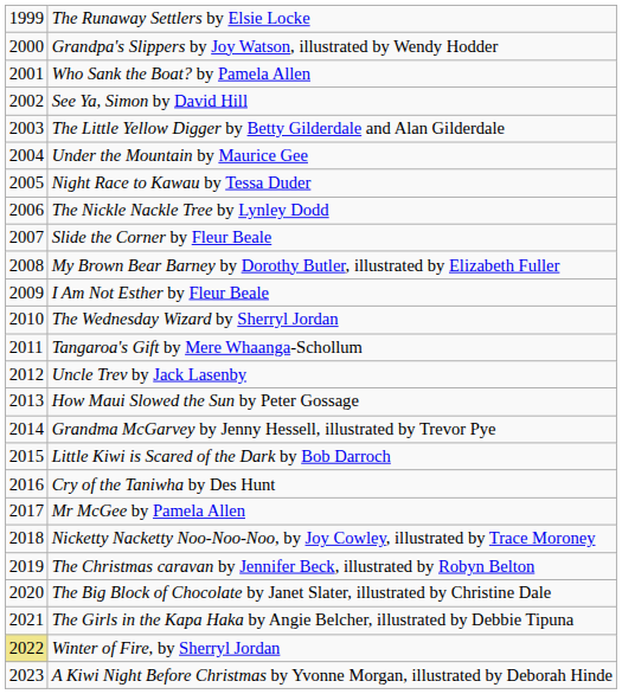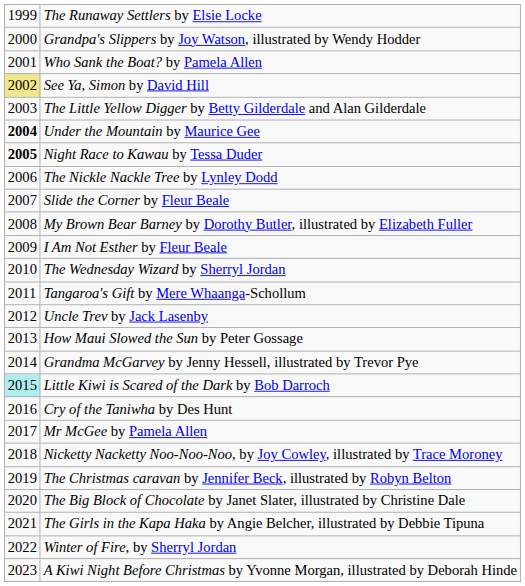 <table class="wikitable">
 <tr>
 <td>1999</td>
 <td><em>The Runaway Settlers</em> by <a href='#'>Elsie Locke</a></td>
 </tr>
 <tr>
 <td>2000</td>
 <td><em>Grandpa's Slippers</em> by <a href='#'>Joy Watson</a>, illustrated by Wendy Hodder</td>
 </tr>
 <tr>
 <td>2001</td>
 <td><em>Who Sank the Boat?</em> by <a href='#'>Pamela Allen</a></td>
 </tr>
 <tr>
-<td>2002</td>
+<td style="background: khaki;">2002</td>
 <td><em>See Ya, Simon</em> by <a href='#'>David Hill</a></td>
 </tr>
 <tr>
 <td>2003</td>
 <td><em>The Little Yellow Digger</em> by <a href='#'>Betty Gilderdale</a> and Alan Gilderdale</td>
 </tr>
 <tr>
-<td>2004</td>
+<td><strong>2004</strong></td>
 <td><em>Under the Mountain</em> by <a href='#'>Maurice Gee</a></td>
 </tr>
 <tr>
-<td>2005</td>
+<td><strong>2005</strong></td>
 <td><em>Night Race to Kawau</em> by <a href='#'>Tessa Duder</a></td>
 </tr>
 <tr>
 <td>2006</td>
 <td><em>The Nickle Nackle Tree</em> by <a href='#'>Lynley Dodd</a></td>
 </tr>
 <tr>
 <td>2007</td>
 <td><em>Slide the Corner</em> by <a href='#'>Fleur Beale</a></td>
 </tr>
 <tr>
 <td>2008</td>
 <td><em>My Brown Bear Barney</em> by <a href='#'>Dorothy Butler</a>, illustrated by <a href='#'>Elizabeth Fuller</a></td>
 </tr>
 <tr>
 <td>2009</td>
 <td><em>I Am Not Esther</em> by <a href='#'>Fleur Beale</a></td>
 </tr>
 <tr>
 <td>2010</td>
 <td><em>The Wednesday Wizard</em> by <a href='#'>Sherryl Jordan</a></td>
 </tr>
 <tr>
 <td>2011</td>
 <td><em>Tangaroa's Gift</em> by <a href='#'>Mere Whaanga</a>-Schollum</td>
 </tr>
 <tr>
 <td>2012</td>
 <td><em>Uncle Trev</em> by <a href='#'>Jack Lasenby</a></td>
 </tr>
 <tr>
 <td>2013</td>
 <td><em>How Maui Slowed the Sun</em> by Peter Gossage</td>
 </tr>
 <tr>
 <td>2014</td>
 <td><em>Grandma McGarvey</em> by Jenny Hessell, illustrated by Trevor Pye</td>
 </tr>
 <tr>
-<td>2015</td>
+<td style="background: paleturquoise;">2015</td>
 <td><em>Little Kiwi is Scared of the Dark</em> by <a href='#'>Bob Darroch</a></td>
 </tr>
 <tr>
 <td>2016</td>
 <td><em>Cry of the Taniwha</em> by Des Hunt</td>
 </tr>
 <tr>
 <td>2017</td>
 <td><em>Mr McGee</em> by <a href='#'>Pamela Allen</a></td>
 </tr>
 <tr>
 <td>2018</td>
 <td><em>Nicketty Nacketty Noo-Noo-Noo</em>, by <a href='#'>Joy Cowley</a>, illustrated by <a href='#'>Trace Moroney</a></td>
 </tr>
 <tr>
 <td>2019</td>
 <td><em>The Christmas caravan</em> by <a href='#'>Jennifer Beck</a>, illustrated by <a href='#'>Robyn Belton</a></td>
 </tr>
 <tr>
 <td>2020</td>
 <td><em>The Big Block of Chocolate</em> by Janet Slater, illustrated by Christine Dale</td>
 </tr>
 <tr>
 <td>2021</td>
 <td><em>The Girls in the Kapa Haka</em> by Angie Belcher, illustrated by Debbie Tipuna</td>
 </tr>
 <tr>
-<td style="background: khaki;">2022</td>
+<td>2022</td>
 <td><em>Winter of Fire</em>, by <a href='#'>Sherryl Jordan</a></td>
 </tr>
 <tr>
 <td>2023</td>
 <td><em>A Kiwi Night Before Christmas</em> by Yvonne Morgan, illustrated by Deborah Hinde</td>
 </tr>
 </table>
